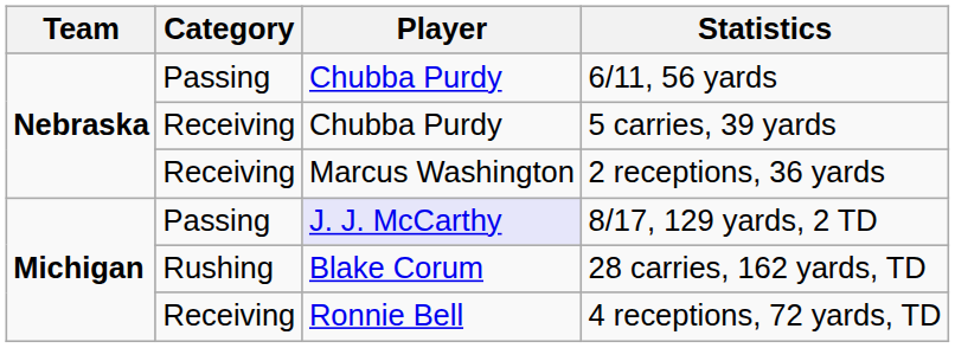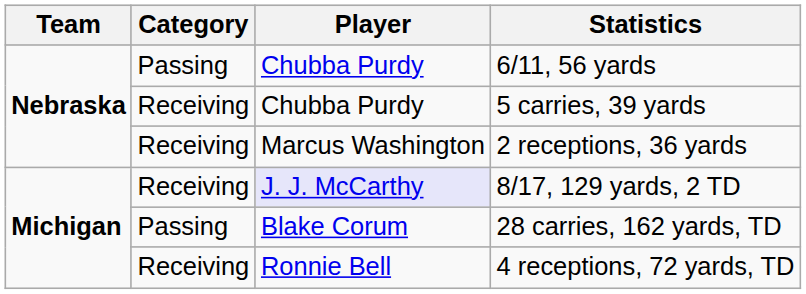 <table class="wikitable" style="float: right;">
 <tr>
 <th>Team</th>
 <th>Category</th>
 <th>Player</th>
 <th>Statistics</th>
 </tr>
 <tr>
 <td rowspan=3><strong>Nebraska</strong></td>
 <td>Passing</td>
 <td><a href='#'>Chubba Purdy</a></td>
 <td>6/11, 56 yards</td>
 </tr>
 <tr>
 <td>Receiving</td>
 <td>Chubba Purdy</td>
 <td>5 carries, 39 yards</td>
 </tr>
 <tr>
 <td>Receiving</td>
 <td>Marcus Washington</td>
 <td>2 receptions, 36 yards</td>
 </tr>
 <tr>
 <td rowspan=3><strong>Michigan</strong></td>
-<td>Passing</td>
+<td>Receiving</td>
 <td style="background: lavender;"><a href='#'>J. J. McCarthy</a></td>
 <td>8/17, 129 yards, 2 TD</td>
 </tr>
 <tr>
-<td>Rushing</td>
+<td>Passing</td>
 <td><a href='#'>Blake Corum</a></td>
 <td>28 carries, 162 yards, TD</td>
 </tr>
 <tr>
 <td>Receiving</td>
 <td><a href='#'>Ronnie Bell</a></td>
 <td>4 receptions, 72 yards, TD</td>
 </tr>
 </table>
